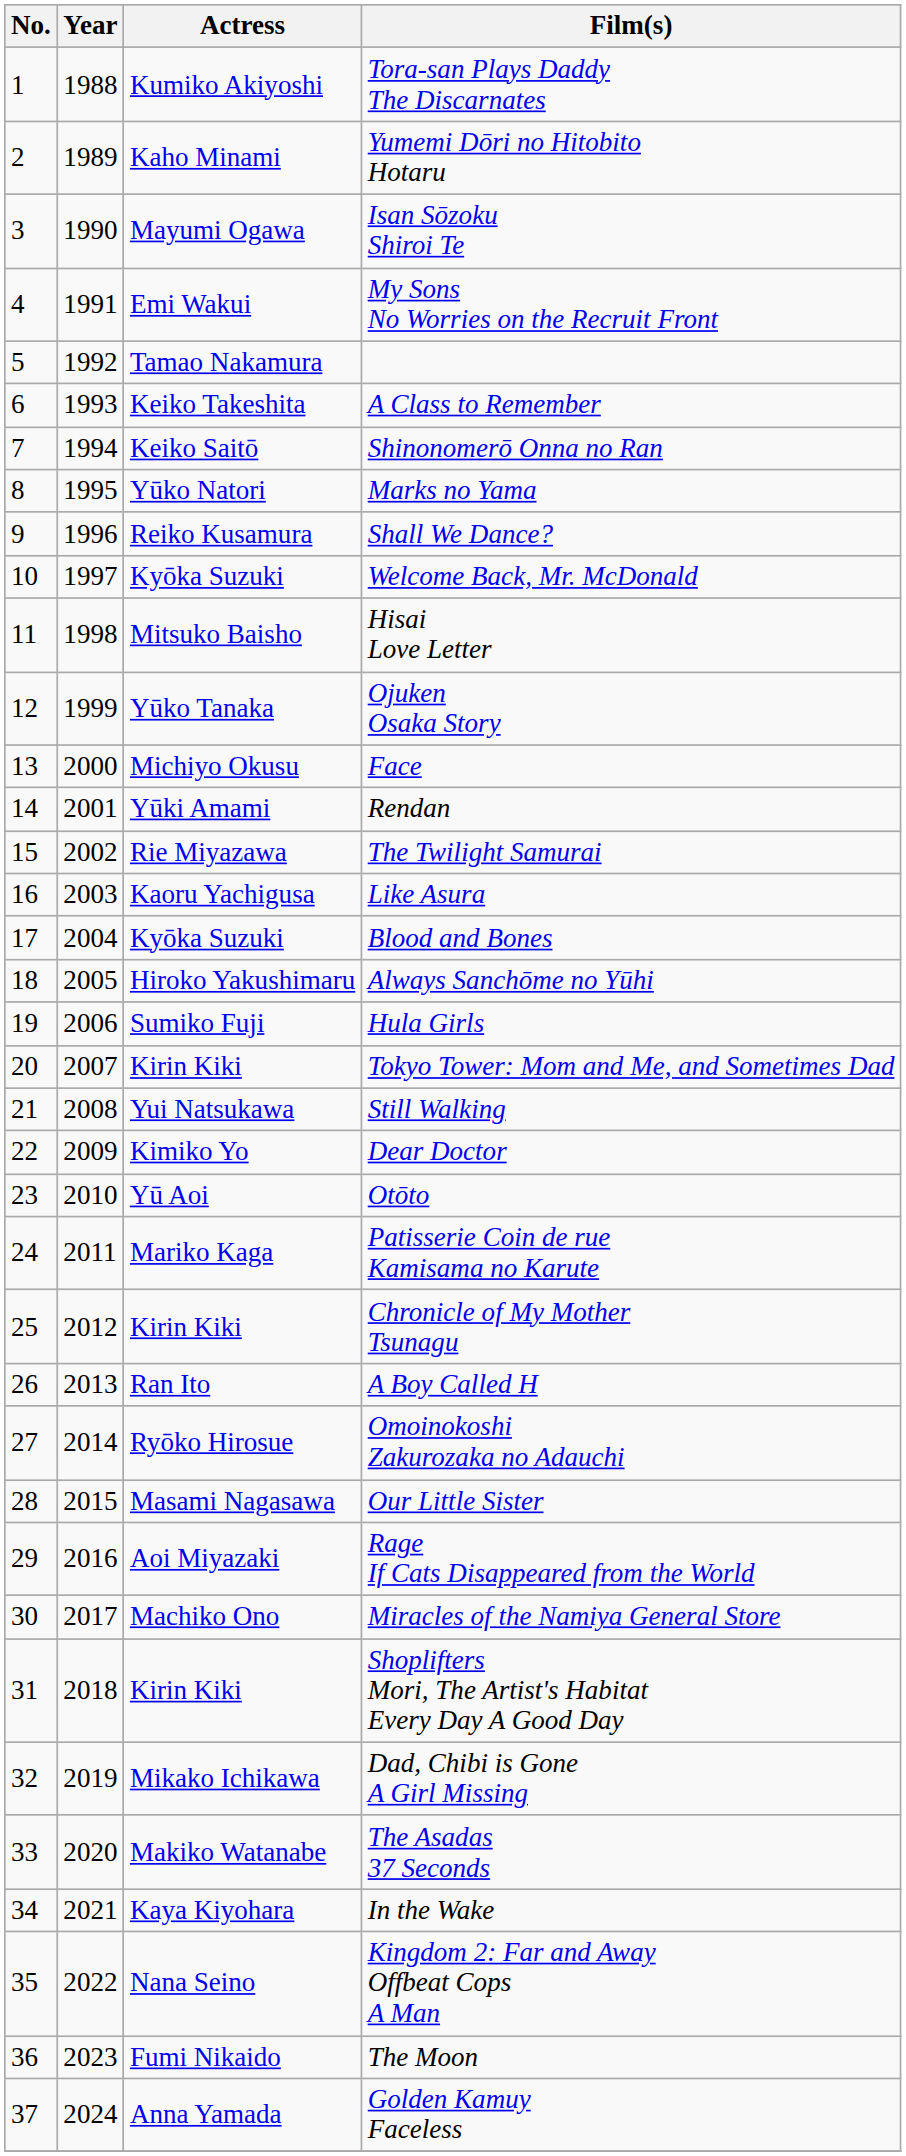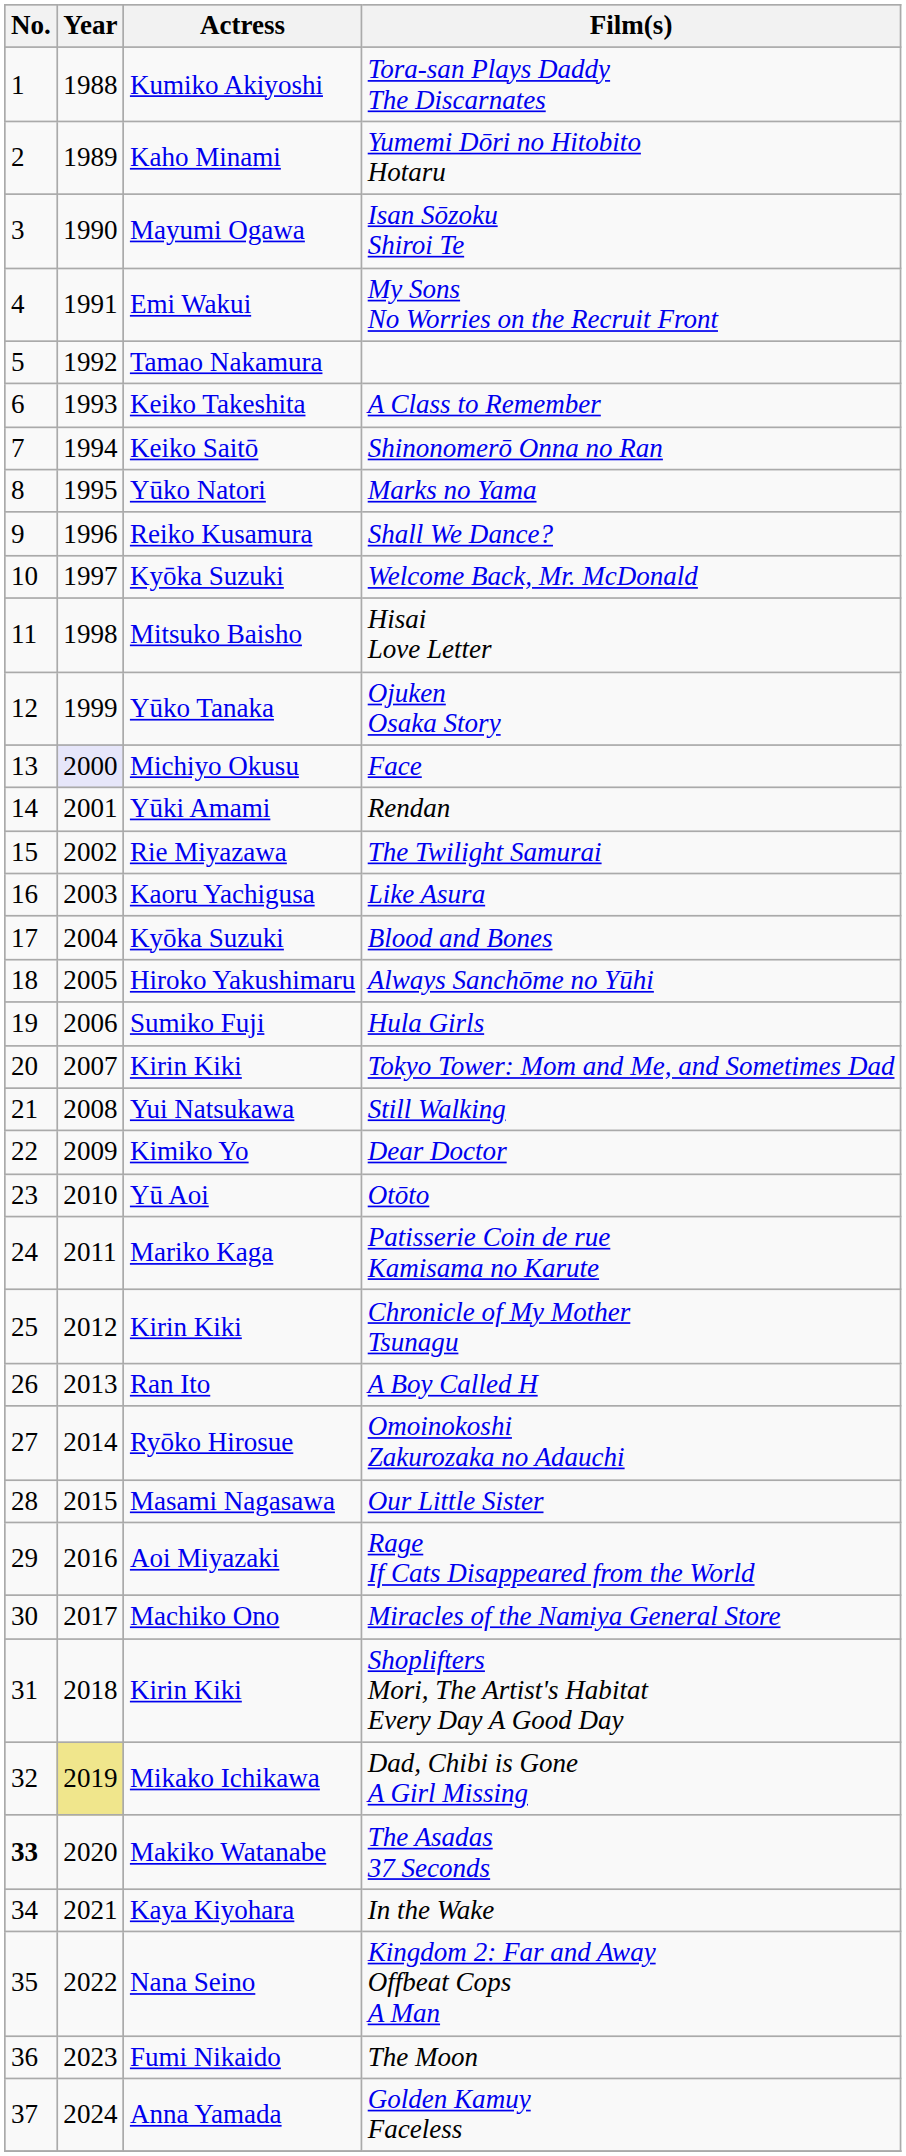 <table class="wikitable">
 <tr>
 <th>No.</th>
 <th>Year</th>
 <th>Actress</th>
 <th>Film(s)</th>
 </tr>
 <tr>
 <td>1</td>
 <td>1988</td>
 <td><a href='#'>Kumiko Akiyoshi</a></td>
 <td><em><a href='#'>Tora-san Plays Daddy</a></em><br><em><a href='#'>The Discarnates</a></em></td>
 </tr>
 <tr>
 <td>2</td>
 <td>1989</td>
 <td><a href='#'>Kaho Minami</a></td>
 <td><em><a href='#'>Yumemi Dōri no Hitobito</a></em><br><em>Hotaru</em></td>
 </tr>
 <tr>
 <td>3</td>
 <td>1990</td>
 <td><a href='#'>Mayumi Ogawa</a></td>
 <td><em><a href='#'>Isan Sōzoku</a></em><br><em><a href='#'>Shiroi Te</a></em></td>
 </tr>
 <tr>
 <td>4</td>
 <td>1991</td>
 <td><a href='#'>Emi Wakui</a></td>
 <td><em><a href='#'>My Sons</a></em><br><em><a href='#'>No Worries on the Recruit Front</a></em></td>
 </tr>
 <tr>
 <td>5</td>
 <td>1992</td>
 <td><a href='#'>Tamao Nakamura</a></td>
 <td></td>
 </tr>
 <tr>
 <td>6</td>
 <td>1993</td>
 <td><a href='#'>Keiko Takeshita</a></td>
 <td><em><a href='#'>A Class to Remember</a></em></td>
 </tr>
 <tr>
 <td>7</td>
 <td>1994</td>
 <td><a href='#'>Keiko Saitō</a></td>
 <td><em><a href='#'>Shinonomerō Onna no Ran</a></em></td>
 </tr>
 <tr>
 <td>8</td>
 <td>1995</td>
 <td><a href='#'>Yūko Natori</a></td>
 <td><em><a href='#'>Marks no Yama</a></em></td>
 </tr>
 <tr>
 <td>9</td>
 <td>1996</td>
 <td><a href='#'>Reiko Kusamura</a></td>
 <td><em><a href='#'>Shall We Dance?</a></em></td>
 </tr>
 <tr>
 <td>10</td>
 <td>1997</td>
 <td><a href='#'>Kyōka Suzuki</a></td>
 <td><em><a href='#'>Welcome Back, Mr. McDonald</a></em></td>
 </tr>
 <tr>
 <td>11</td>
 <td>1998</td>
 <td><a href='#'>Mitsuko Baisho</a></td>
 <td><em>Hisai</em><br><em>Love Letter</em></td>
 </tr>
 <tr>
 <td>12</td>
 <td>1999</td>
 <td><a href='#'>Yūko Tanaka</a></td>
 <td><em><a href='#'>Ojuken</a></em><br><em><a href='#'>Osaka Story</a></em></td>
 </tr>
 <tr>
 <td>13</td>
-<td>2000</td>
+<td style="background: lavender;">2000</td>
 <td><a href='#'>Michiyo Okusu</a></td>
 <td><em><a href='#'>Face</a></em></td>
 </tr>
 <tr>
 <td>14</td>
 <td>2001</td>
 <td><a href='#'>Yūki Amami</a></td>
 <td><em>Rendan</em></td>
 </tr>
 <tr>
 <td>15</td>
 <td>2002</td>
 <td><a href='#'>Rie Miyazawa</a></td>
 <td><em><a href='#'>The Twilight Samurai</a></em></td>
 </tr>
 <tr>
 <td>16</td>
 <td>2003</td>
 <td><a href='#'>Kaoru Yachigusa</a></td>
 <td><em><a href='#'>Like Asura</a></em></td>
 </tr>
 <tr>
 <td>17</td>
 <td>2004</td>
 <td><a href='#'>Kyōka Suzuki</a></td>
 <td><em><a href='#'>Blood and Bones</a></em></td>
 </tr>
 <tr>
 <td>18</td>
 <td>2005</td>
 <td><a href='#'>Hiroko Yakushimaru</a></td>
 <td><em><a href='#'>Always Sanchōme no Yūhi</a></em></td>
 </tr>
 <tr>
 <td>19</td>
 <td>2006</td>
 <td><a href='#'>Sumiko Fuji</a></td>
 <td><em><a href='#'>Hula Girls</a></em></td>
 </tr>
 <tr>
 <td>20</td>
 <td>2007</td>
 <td><a href='#'>Kirin Kiki</a></td>
 <td><em><a href='#'>Tokyo Tower: Mom and Me, and Sometimes Dad</a></em></td>
 </tr>
 <tr>
 <td>21</td>
 <td>2008</td>
 <td><a href='#'>Yui Natsukawa</a></td>
 <td><em><a href='#'>Still Walking</a></em></td>
 </tr>
 <tr>
 <td>22</td>
 <td>2009</td>
 <td><a href='#'>Kimiko Yo</a></td>
 <td><em><a href='#'>Dear Doctor</a></em></td>
 </tr>
 <tr>
 <td>23</td>
 <td>2010</td>
 <td><a href='#'>Yū Aoi</a></td>
 <td><em><a href='#'>Otōto</a></em></td>
 </tr>
 <tr>
 <td>24</td>
 <td>2011</td>
 <td><a href='#'>Mariko Kaga</a></td>
 <td><em><a href='#'>Patisserie Coin de rue</a></em><br><em><a href='#'>Kamisama no Karute</a></em></td>
 </tr>
 <tr>
 <td>25</td>
 <td>2012</td>
 <td><a href='#'>Kirin Kiki</a></td>
 <td><em><a href='#'>Chronicle of My Mother</a></em><br><em><a href='#'>Tsunagu</a></em></td>
 </tr>
 <tr>
 <td>26</td>
 <td>2013</td>
 <td><a href='#'>Ran Ito</a></td>
 <td><em><a href='#'>A Boy Called H</a></em></td>
 </tr>
 <tr>
 <td>27</td>
 <td>2014</td>
 <td><a href='#'>Ryōko Hirosue</a></td>
 <td><em><a href='#'>Omoinokoshi</a></em><br><em><a href='#'>Zakurozaka no Adauchi</a></em></td>
 </tr>
 <tr>
 <td>28</td>
 <td>2015</td>
 <td><a href='#'>Masami Nagasawa</a></td>
 <td><em><a href='#'>Our Little Sister</a></em></td>
 </tr>
 <tr>
 <td>29</td>
 <td>2016</td>
 <td><a href='#'>Aoi Miyazaki</a></td>
 <td><em><a href='#'>Rage</a></em><br><em><a href='#'>If Cats Disappeared from the World</a></em></td>
 </tr>
 <tr>
 <td>30</td>
 <td>2017</td>
 <td><a href='#'>Machiko Ono</a></td>
 <td><em><a href='#'>Miracles of the Namiya General Store</a></em></td>
 </tr>
 <tr>
 <td>31</td>
 <td>2018</td>
 <td><a href='#'>Kirin Kiki</a></td>
 <td><em><a href='#'>Shoplifters</a></em><br><em>Mori, The Artist's Habitat</em><br><em>Every Day A Good Day</em></td>
 </tr>
 <tr>
 <td>32</td>
-<td>2019</td>
+<td style="background: khaki;">2019</td>
 <td><a href='#'>Mikako Ichikawa</a></td>
 <td><em>Dad, Chibi is Gone</em><br><em><a href='#'>A Girl Missing</a></em></td>
 </tr>
 <tr>
-<td>33</td>
+<td><strong>33</strong></td>
 <td>2020</td>
 <td><a href='#'>Makiko Watanabe</a></td>
 <td><em><a href='#'>The Asadas</a></em><br><em><a href='#'>37 Seconds</a></em></td>
 </tr>
 <tr>
 <td>34</td>
 <td>2021</td>
 <td><a href='#'>Kaya Kiyohara</a></td>
 <td><em>In the Wake</em></td>
 </tr>
 <tr>
 <td>35</td>
 <td>2022</td>
 <td><a href='#'>Nana Seino</a></td>
 <td><em><a href='#'>Kingdom 2: Far and Away</a></em><br><em>Offbeat Cops</em><br><em><a href='#'>A Man</a></em></td>
 </tr>
 <tr>
 <td>36</td>
 <td>2023</td>
 <td><a href='#'>Fumi Nikaido</a></td>
 <td><em>The Moon</em></td>
 </tr>
 <tr>
 <td>37</td>
 <td>2024</td>
 <td><a href='#'>Anna Yamada</a></td>
 <td><em><a href='#'>Golden Kamuy</a></em><br><em>Faceless</em></td>
 </tr>
 <tr>
 </tr>
 </table>
